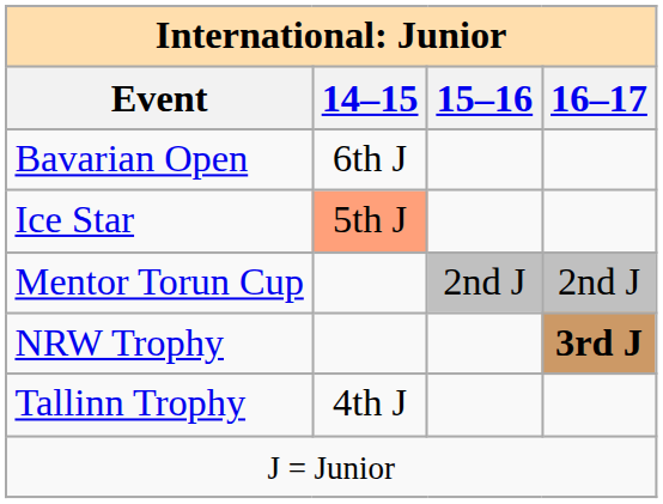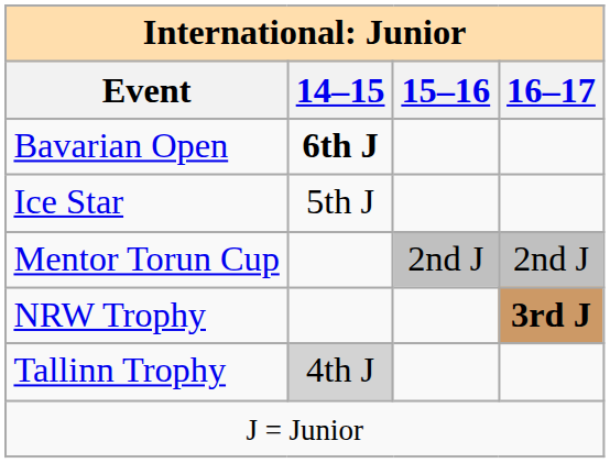 <table class="wikitable" style="text-align:center">
 <tr>
 <th style="background-color: #ffdead; " colspan=4 align=center>International: Junior</th>
 </tr>
 <tr>
 <th>Event</th>
 <th><a href='#'>14–15</a></th>
 <th><a href='#'>15–16</a></th>
 <th><a href='#'>16–17</a></th>
 </tr>
 <tr>
 <td align=left><a href='#'>Bavarian Open</a></td>
-<td>6th J</td>
+<td><strong>6th J</strong></td>
 <td></td>
 <td></td>
 </tr>
 <tr>
 <td align=left><a href='#'>Ice Star</a></td>
-<td style="background: lightsalmon;">5th J</td>
+<td>5th J</td>
 <td></td>
 <td></td>
 </tr>
 <tr>
 <td align=left><a href='#'>Mentor Torun Cup</a></td>
 <td></td>
 <td bgcolor=silver>2nd J</td>
 <td bgcolor=silver>2nd J</td>
 </tr>
 <tr>
 <td align=left><a href='#'>NRW Trophy</a></td>
 <td></td>
 <td></td>
 <td bgcolor=cc9966><strong>3rd J</strong></td>
 </tr>
 <tr>
 <td align=left><a href='#'>Tallinn Trophy</a></td>
-<td>4th J</td>
+<td style="background: lightgrey;">4th J</td>
 <td></td>
 <td></td>
 </tr>
 <tr>
 <td colspan=4 align=center><small> J = Junior</small></td>
 </tr>
 </table>
